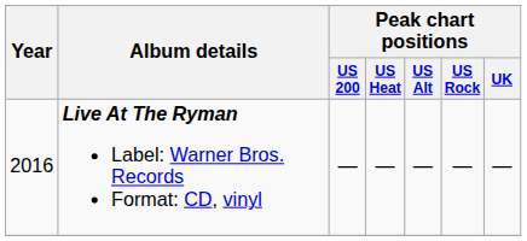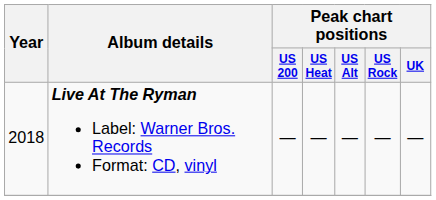 <table class="wikitable">
 <tr>
 <th rowspan="2" style="width:33px;">Year</th>
 <th rowspan="2" style="width:215px;">Album details</th>
 <th colspan="5">Peak chart positions</th>
 </tr>
 <tr>
 <th style="width:2em;font-size:75%"><a href='#'>US 200</a></th>
 <th style="width:2em;font-size:75%"><a href='#'>US Heat</a></th>
 <th style="width:2em;font-size:75%"><a href='#'>US Alt</a></th>
 <th style="width:2em;font-size:75%"><a href='#'>US Rock</a></th>
 <th style="width:2em;font-size:75%"><a href='#'>UK</a></th>
 </tr>
 <tr>
-<td style="text-align:center;">2016</td>
+<td style="text-align:center;">2018</td>
 <td><strong><em>Live At The Ryman</em></strong><br><ul><li>Label: <a href='#'>Warner Bros. Records</a></li><li>Format: <a href='#'>CD</a>, <a href='#'>vinyl</a></li></ul></td>
 <td style="text-align:center;">—</td>
 <td style="text-align:center;">—</td>
 <td style="text-align:center;">—</td>
 <td style="text-align:center;">—</td>
 <td style="text-align:center;">—</td>
 </tr>
 <tr>
 </tr>
 </table>
